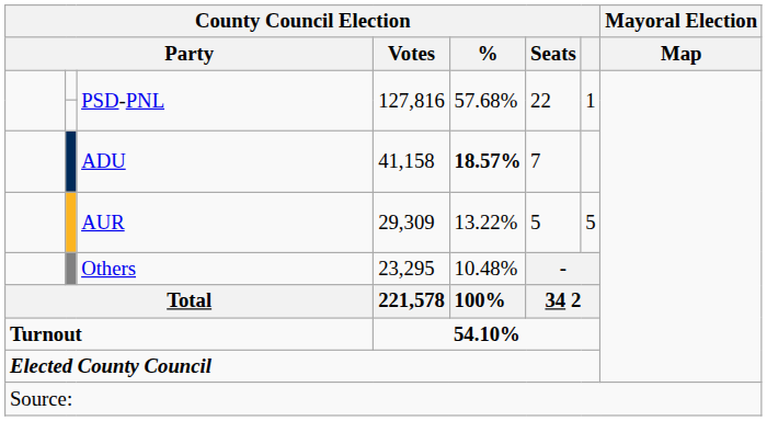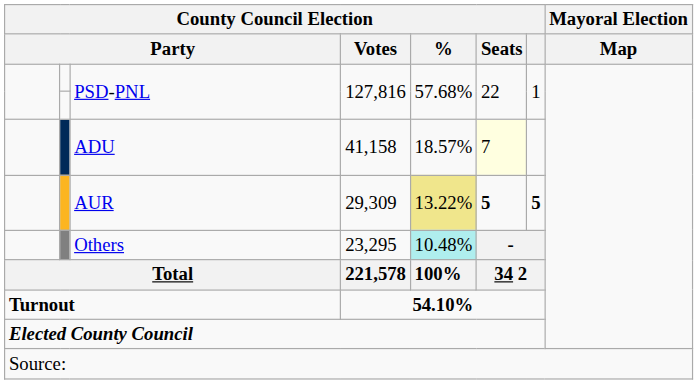 <table class="wikitable" style="text-align:left">
 <tr>
 <th colspan="7">County Council Election</th>
 <th>Mayoral Election</th>
 </tr>
 <tr>
 <th colspan="3" width="280">Party</th>
 <th>Votes</th>
 <th>%</th>
 <th>Seats</th>
 <th></th>
 <th>Map</th>
 </tr>
 <tr>
 <td rowspan="2" width="40" height="40"></td>
 <td width="1" style="color:inherit;background:"></td>
 <td rowspan="2" align="left"><a href='#'>PSD</a>-<a href='#'>PNL</a></td>
 <td rowspan="2">127,816</td>
 <td rowspan="2">57.68%</td>
 <td rowspan="2">22</td>
 <td rowspan="2">1</td>
 <td rowspan="8"></td>
 </tr>
 <tr>
 <td style="color:inherit;background:"></td>
 </tr>
 <tr>
 <td height="40"></td>
 <td style="background:#002A59;"></td>
 <td align="left"><a href='#'>ADU</a></td>
 <td>41,158</td>
-<td><strong>18.57%</strong></td>
-<td>7</td>
+<td>18.57%</td>
+<td style="background: lightyellow;">7</td>
 <td></td>
 </tr>
 <tr>
 <td height="40"></td>
 <td style="background:#FCB521;"></td>
 <td align="left"><a href='#'>AUR</a></td>
 <td>29,309</td>
-<td>13.22%</td>
-<td>5</td>
-<td>5</td>
+<td style="background: khaki;">13.22%</td>
+<td><strong>5</strong></td>
+<td><strong>5</strong></td>
 </tr>
 <tr>
 <td></td>
 <td style="background-color:Grey "></td>
 <td align="left"><a href='#'>Others</a></td>
 <td>23,295</td>
-<td>10.48%</td>
+<td style="background: paleturquoise;">10.48%</td>
 <th colspan="2">-</th>
 </tr>
 <tr>
 <th colspan="3"><strong><u>Total</u></strong></th>
 <th style="text-align:left">221,578</th>
 <th style="text-align:left">100%</th>
 <th colspan="2"><strong><u>34</u></strong> 2</th>
 </tr>
 <tr>
 <td colspan="3"><strong>Turnout</strong></td>
 <td style="text-align: center" colspan="4"><strong>54.10%</strong></td>
 </tr>
 <tr>
 <td colspan="7"><strong><em>Elected County Council</em></strong></td>
 </tr>
 <tr>
 <td colspan="8">Source: </td>
 </tr>
 </table>
